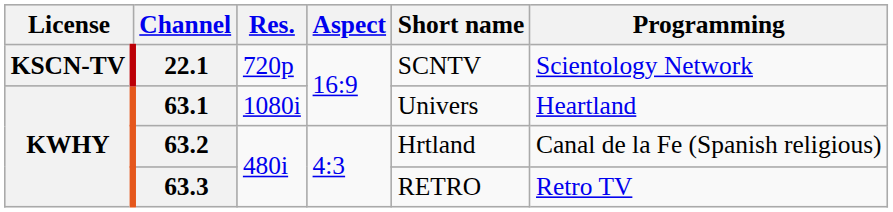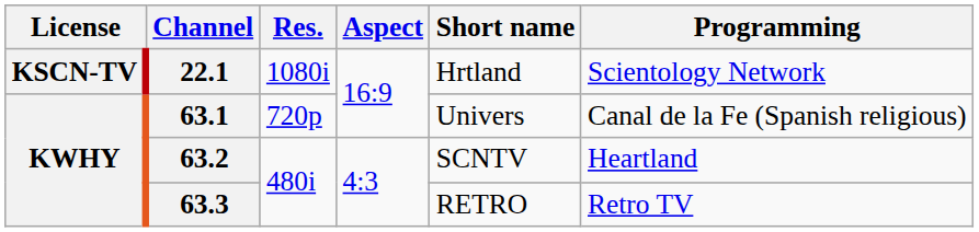 <table class="wikitable">
 <tr>
 <th scope = "col">License</th>
 <th scope = "col"><a href='#'>Channel</a></th>
 <th scope = "col"><a href='#'>Res.</a></th>
 <th scope = "col"><a href='#'>Aspect</a></th>
 <th scope = "col">Short name</th>
 <th scope = "col">Programming</th>
 </tr>
 <tr>
 <th rowspan = "1" scope = "row" style="border-right: 4px solid #bc0007;">KSCN-TV</th>
 <th scope = "row">22.1</th>
-<td><a href='#'>720p</a></td>
+<td><a href='#'>1080i</a></td>
 <td rowspan="2"><a href='#'>16:9</a></td>
-<td>SCNTV</td>
+<td>Hrtland</td>
 <td><a href='#'>Scientology Network</a></td>
 </tr>
 <tr>
 <th rowspan = "3" scope = "row" style="border-right: 4px solid #e5571c;">KWHY</th>
 <th scope = "row">63.1</th>
-<td><a href='#'>1080i</a></td>
+<td><a href='#'>720p</a></td>
 <td>Univers</td>
-<td><a href='#'>Heartland</a></td>
+<td>Canal de la Fe (Spanish religious)</td>
 </tr>
 <tr>
 <th scope = "row">63.2</th>
 <td rowspan="2"><a href='#'>480i</a></td>
 <td rowspan="2"><a href='#'>4:3</a></td>
-<td>Hrtland</td>
-<td>Canal de la Fe (Spanish religious)</td>
+<td>SCNTV</td>
+<td><a href='#'>Heartland</a></td>
 </tr>
 <tr>
 <th scope = "row">63.3</th>
 <td>RETRO</td>
 <td><a href='#'>Retro TV</a></td>
 </tr>
 </table>
